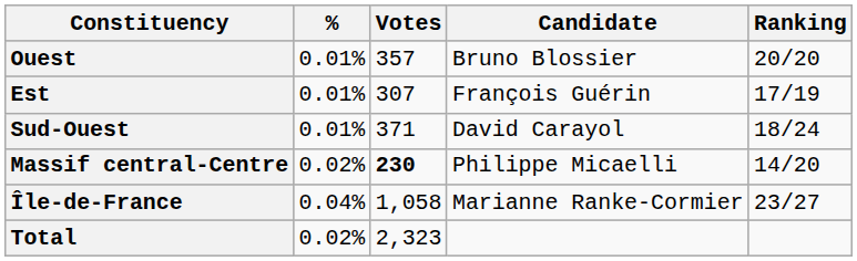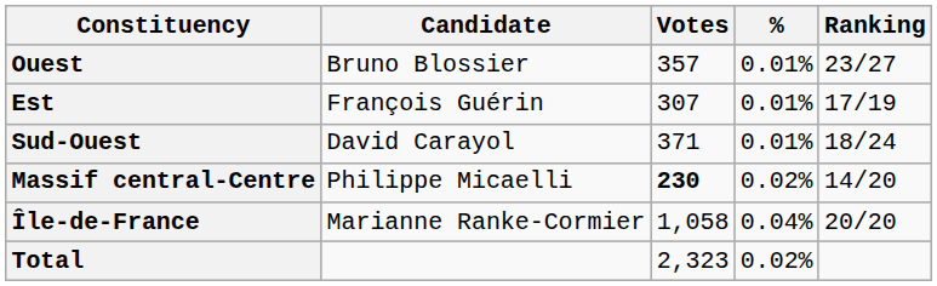 <table class="wikitable">
 <tr>
 <th>Constituency</th>
+<th>Candidate</th>
+<th>Votes</th>
 <th>%</th>
-<th>Votes</th>
-<th>Candidate</th>
 <th>Ranking</th>
 </tr>
 <tr>
 <th style="text-align: left;">Ouest</th>
+<td>Bruno Blossier</td>
+<td>357</td>
 <td>0.01%</td>
-<td>357</td>
-<td>Bruno Blossier</td>
-<td>20/20</td>
+<td>23/27</td>
 </tr>
 <tr>
 <th style="text-align: left;">Est</th>
+<td>François Guérin</td>
+<td>307</td>
 <td>0.01%</td>
-<td>307</td>
-<td>François Guérin</td>
 <td>17/19</td>
 </tr>
 <tr>
 <th style="text-align: left;">Sud-Ouest</th>
+<td>David Carayol</td>
+<td>371</td>
 <td>0.01%</td>
-<td>371</td>
-<td>David Carayol</td>
 <td>18/24</td>
 </tr>
 <tr>
 <th style="text-align: left;">Massif central-Centre</th>
+<td>Philippe Micaelli</td>
+<td><strong>230</strong></td>
 <td>0.02%</td>
-<td><strong>230</strong></td>
-<td>Philippe Micaelli</td>
 <td>14/20</td>
 </tr>
 <tr>
 <th style="text-align: left;">Île-de-France</th>
+<td>Marianne Ranke-Cormier</td>
+<td>1,058</td>
 <td>0.04%</td>
-<td>1,058</td>
-<td>Marianne Ranke-Cormier</td>
-<td>23/27</td>
+<td>20/20</td>
 </tr>
 <tr>
 <th style="text-align: left;bold: yes">Total</th>
+<td></td>
+<td>2,323</td>
 <td>0.02%</td>
-<td>2,323</td>
-<td></td>
 <td></td>
 </tr>
 </table>
